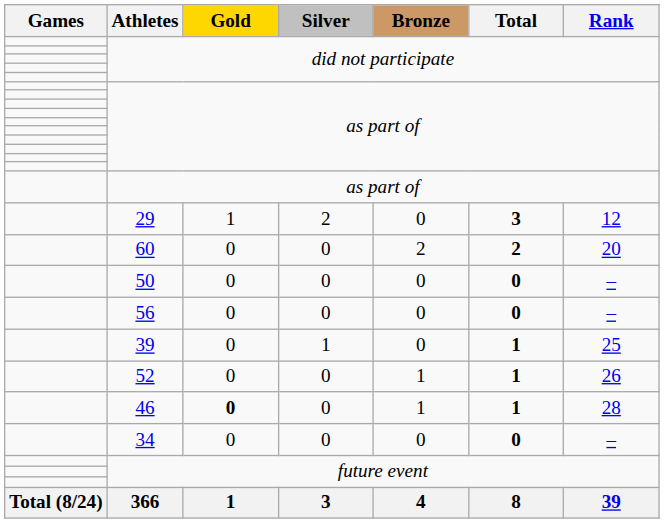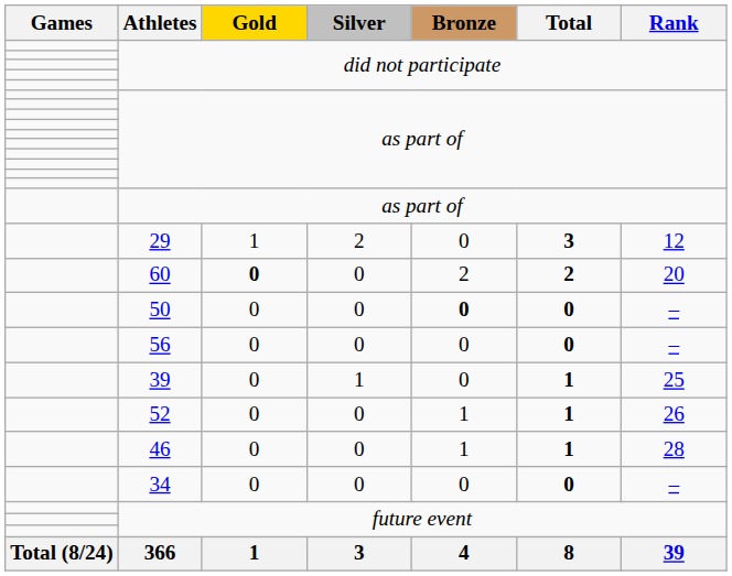 <table class="wikitable" style="text-align:center; font-size:90%;">
 <tr>
 <th>Games</th>
 <th>Athletes</th>
 <td style="background:gold; width:4.5em; font-weight:bold;">Gold</td>
 <td style="background:silver; width:4.5em; font-weight:bold;">Silver</td>
 <td style="background:#cc9966; width:4.5em; font-weight:bold;">Bronze</td>
 <th style="width:4.5em; font-weight:bold;">Total</th>
 <th style="width:4.5em; font-weight:bold;"><a href='#'>Rank</a></th>
 </tr>
 <tr>
 <td align=left></td>
 <td colspan=6; rowspan=5><em>did not participate</em></td>
 </tr>
 <tr>
 <td align=left></td>
 </tr>
 <tr>
 <td align=left></td>
 </tr>
 <tr>
 <td align=left></td>
 </tr>
 <tr>
 <td align=left></td>
 </tr>
 <tr>
 <td align=left></td>
 <td colspan=6; rowspan=10><em>as part of </em></td>
 </tr>
 <tr>
 <td align=left></td>
 </tr>
 <tr>
 <td align=left></td>
 </tr>
 <tr>
 <td align=left></td>
 </tr>
 <tr>
 <td align=left></td>
 </tr>
 <tr>
 <td align=left></td>
 </tr>
 <tr>
 <td align=left></td>
 </tr>
 <tr>
 <td align=left></td>
 </tr>
 <tr>
 <td align=left></td>
 </tr>
 <tr>
 <td align=left></td>
 </tr>
 <tr>
 <td align=left></td>
 <td colspan=6><em>as part of </em></td>
 </tr>
 <tr>
 <td align=left></td>
 <td><a href='#'>29</a></td>
 <td>1</td>
 <td>2</td>
 <td>0</td>
 <td><strong>3</strong></td>
 <td><a href='#'>12</a></td>
 </tr>
 <tr>
 <td align=left></td>
 <td><a href='#'>60</a></td>
-<td>0</td>
+<td><strong>0</strong></td>
 <td>0</td>
 <td>2</td>
 <td><strong>2</strong></td>
 <td><a href='#'>20</a></td>
 </tr>
 <tr>
 <td align=left></td>
 <td><a href='#'>50</a></td>
 <td>0</td>
 <td>0</td>
-<td>0</td>
+<td><strong>0</strong></td>
 <td><strong>0</strong></td>
 <td><a href='#'>–</a></td>
 </tr>
 <tr>
 <td align=left></td>
 <td><a href='#'>56</a></td>
 <td>0</td>
 <td>0</td>
 <td>0</td>
 <td><strong>0</strong></td>
 <td><a href='#'>–</a></td>
 </tr>
 <tr>
 <td align=left></td>
 <td><a href='#'>39</a></td>
 <td>0</td>
 <td>1</td>
 <td>0</td>
 <td><strong>1</strong></td>
 <td><a href='#'>25</a></td>
 </tr>
 <tr>
 <td align=left></td>
 <td><a href='#'>52</a></td>
 <td>0</td>
 <td>0</td>
 <td>1</td>
 <td><strong>1</strong></td>
 <td><a href='#'>26</a></td>
 </tr>
 <tr>
 <td align=left></td>
 <td><a href='#'>46</a></td>
-<td><strong>0</strong></td>
+<td>0</td>
 <td>0</td>
 <td>1</td>
 <td><strong>1</strong></td>
 <td><a href='#'>28</a></td>
 </tr>
 <tr>
 <td align=left></td>
 <td><a href='#'>34</a></td>
 <td>0</td>
 <td>0</td>
 <td>0</td>
 <td><strong>0</strong></td>
 <td><a href='#'>–</a></td>
 </tr>
 <tr>
 <td align=left></td>
 <td colspan=6 rowspan=3><em>future event</em></td>
 </tr>
 <tr>
 <td align=left></td>
 </tr>
 <tr>
 <td align=left></td>
 </tr>
 <tr>
 <th colspan=1>Total (8/24)</th>
 <th>366</th>
 <th>1</th>
 <th>3</th>
 <th>4</th>
 <th>8</th>
 <th><a href='#'>39</a></th>
 </tr>
 </table>
